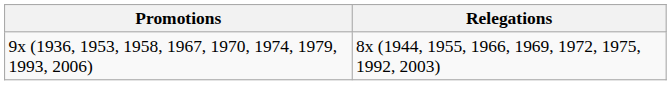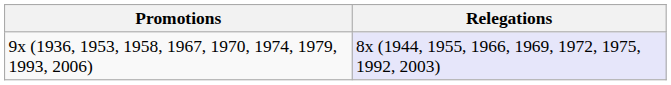 <table class="wikitable">
 <tr>
 <th>Promotions</th>
 <th>Relegations</th>
 </tr>
 <tr>
 <td>9x (1936, 1953, 1958, 1967, 1970, 1974, 1979, 1993, 2006)</td>
-<td>8x (1944, 1955, 1966, 1969, 1972, 1975, 1992, 2003)</td>
+<td style="background: lavender;">8x (1944, 1955, 1966, 1969, 1972, 1975, 1992, 2003)</td>
 </tr>
 </table>
